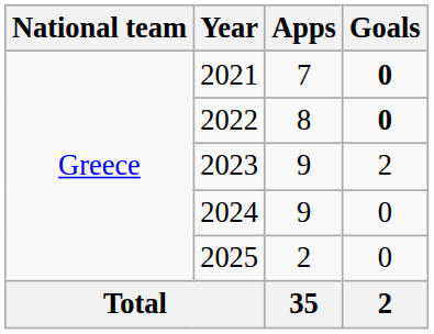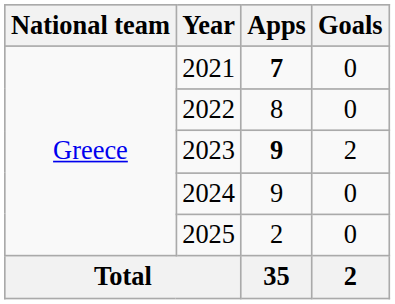 <table class=wikitable style=text-align:center>
 <tr>
 <th>National team</th>
 <th>Year</th>
 <th>Apps</th>
 <th>Goals</th>
 </tr>
 <tr>
 <td rowspan="5"><a href='#'>Greece</a></td>
 <td>2021</td>
-<td>7</td>
-<td><strong>0</strong></td>
+<td><strong>7</strong></td>
+<td>0</td>
 </tr>
 <tr>
 <td>2022</td>
 <td>8</td>
-<td><strong>0</strong></td>
+<td>0</td>
 </tr>
 <tr>
 <td>2023</td>
-<td>9</td>
+<td><strong>9</strong></td>
 <td>2</td>
 </tr>
 <tr>
 <td>2024</td>
 <td>9</td>
 <td>0</td>
 </tr>
 <tr>
 <td>2025</td>
 <td>2</td>
 <td>0</td>
 </tr>
 <tr>
 <th colspan="2">Total</th>
 <th>35</th>
 <th>2</th>
 </tr>
 </table>
